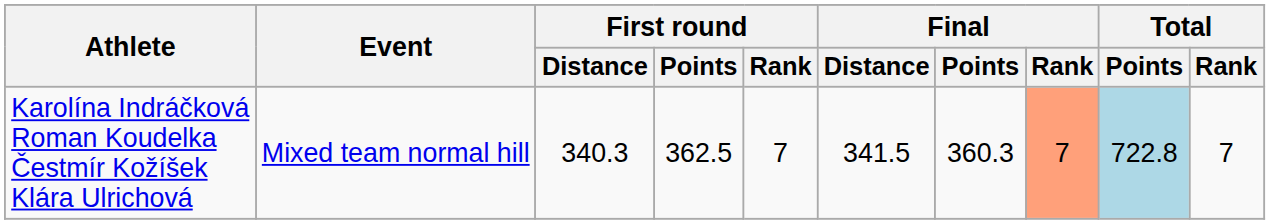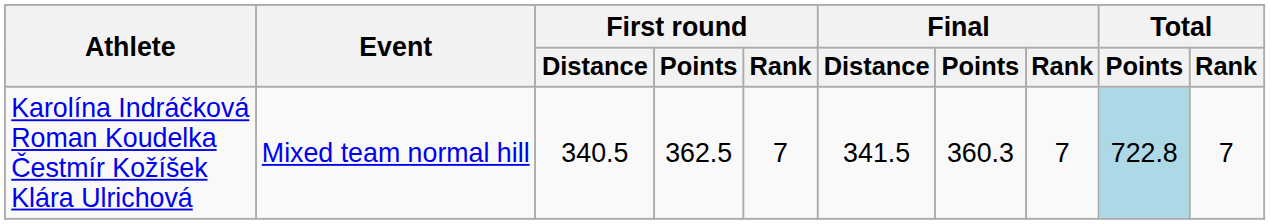 <table class="wikitable" style="font-size:90%">
 <tr>
 <th rowspan=2>Athlete</th>
 <th rowspan=2>Event</th>
 <th colspan=3>First round</th>
 <th colspan=3>Final</th>
 <th colspan=2>Total</th>
 </tr>
 <tr style="font-size:95%">
 <th>Distance</th>
 <th>Points</th>
 <th>Rank</th>
 <th>Distance</th>
 <th>Points</th>
 <th>Rank</th>
 <th>Points</th>
 <th>Rank</th>
 </tr>
 <tr align=center>
 <td align=left><a href='#'>Karolína Indráčková</a><br><a href='#'>Roman Koudelka</a><br><a href='#'>Čestmír Kožíšek</a><br><a href='#'>Klára Ulrichová</a></td>
 <td align=left><a href='#'>Mixed team normal hill</a></td>
-<td>340.3</td>
+<td>340.5</td>
 <td>362.5</td>
 <td>7</td>
 <td>341.5</td>
 <td>360.3</td>
-<td style="background: lightsalmon;">7</td>
+<td>7</td>
 <td style="background: lightblue;">722.8</td>
 <td>7</td>
 </tr>
 </table>
